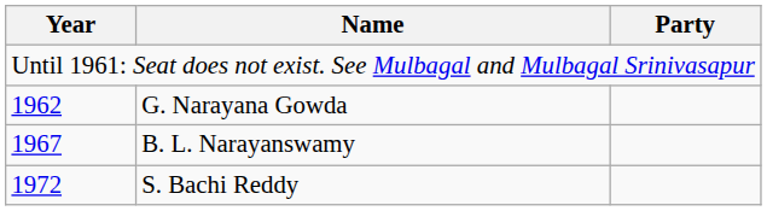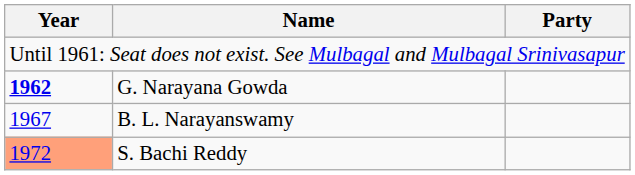 <table class="wikitable sortable">
 <tr>
 <th>Year</th>
 <th>Name</th>
 <th colspan=2>Party</th>
 </tr>
 <tr>
 <td colspan=4 align="center">Until 1961: <em>Seat does not exist. See <a href='#'>Mulbagal</a> and <a href='#'>Mulbagal Srinivasapur</a></em></td>
 </tr>
 <tr>
-<td><a href='#'>1962</a></td>
+<td><strong><a href='#'>1962</a></strong></td>
 <td>G. Narayana Gowda</td>
 <td></td>
 </tr>
 <tr>
 <td><a href='#'>1967</a></td>
 <td>B. L. Narayanswamy</td>
 <td></td>
 </tr>
 <tr>
-<td><a href='#'>1972</a></td>
+<td style="background: lightsalmon;"><a href='#'>1972</a></td>
 <td>S. Bachi Reddy</td>
 <td></td>
 </tr>
 </table>
